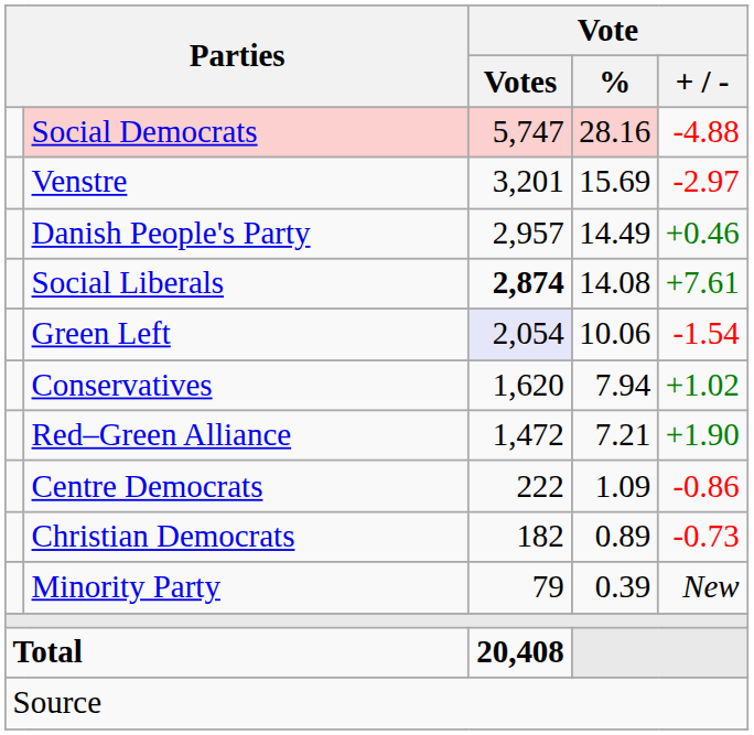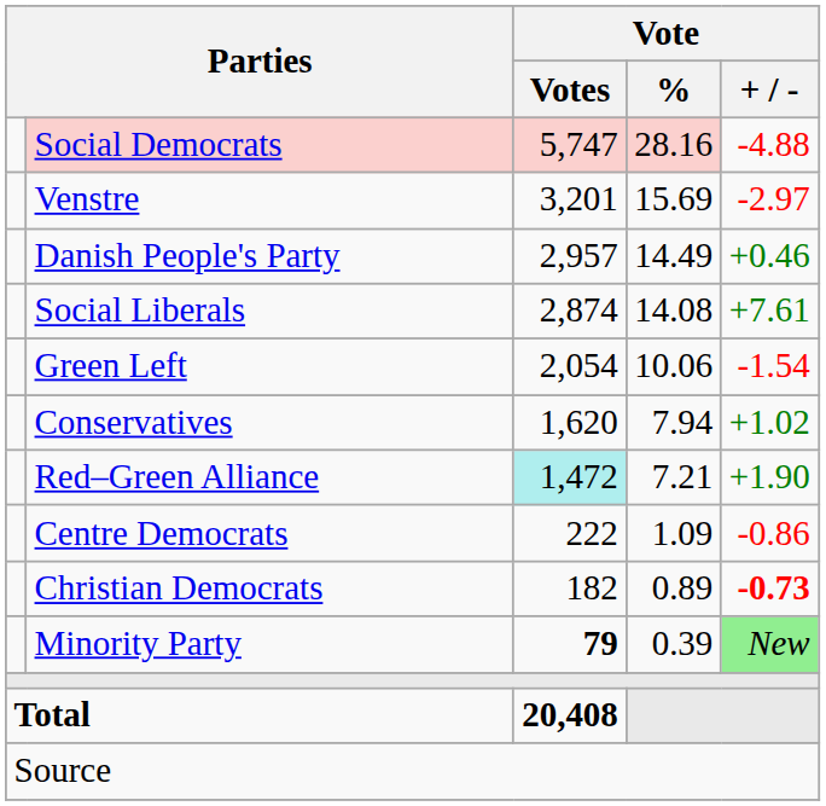 <table class="wikitable" style="text-align:right;">
 <tr>
 <th style="text-align:centre;" rowspan="2" colspan="2" width="225">Parties</th>
 <th colspan="3">Vote</th>
 </tr>
 <tr>
 <th width="15">Votes</th>
 <th width="15">%</th>
 <th width="15">+ / -</th>
 </tr>
 <tr>
 <td width="2" style="color:inherit;background:"></td>
 <td bgcolor=#fbd0ce  align="left"><a href='#'>Social Democrats</a></td>
 <td bgcolor=#fbd0ce>5,747</td>
 <td bgcolor=#fbd0ce>28.16</td>
 <td style=color:red;>-4.88</td>
 </tr>
 <tr>
 <td width="2" style="color:inherit;background:"></td>
 <td align="left"><a href='#'>Venstre</a></td>
 <td>3,201</td>
 <td>15.69</td>
 <td style=color:red;>-2.97</td>
 </tr>
 <tr>
 <td width="2" style="color:inherit;background:"></td>
 <td align="left"><a href='#'>Danish People's Party</a></td>
 <td>2,957</td>
 <td>14.49</td>
 <td style=color:green;>+0.46</td>
 </tr>
 <tr>
 <td width="2" style="color:inherit;background:"></td>
 <td align="left"><a href='#'>Social Liberals</a></td>
-<td><strong>2,874</strong></td>
+<td>2,874</td>
 <td>14.08</td>
 <td style=color:green;>+7.61</td>
 </tr>
 <tr>
 <td width="2" style="color:inherit;background:"></td>
 <td align="left"><a href='#'>Green Left</a></td>
-<td style="background: lavender;">2,054</td>
+<td>2,054</td>
 <td>10.06</td>
 <td style=color:red;>-1.54</td>
 </tr>
 <tr>
 <td width="2" style="color:inherit;background:"></td>
 <td align="left"><a href='#'>Conservatives</a></td>
 <td>1,620</td>
 <td>7.94</td>
 <td style=color:green;>+1.02</td>
 </tr>
 <tr>
 <td width="2" style="color:inherit;background:"></td>
 <td align="left"><a href='#'>Red–Green Alliance</a></td>
-<td>1,472</td>
+<td style="background: paleturquoise;">1,472</td>
 <td>7.21</td>
 <td style=color:green;>+1.90</td>
 </tr>
 <tr>
 <td width="2" style="color:inherit;background:"></td>
 <td align="left"><a href='#'>Centre Democrats</a></td>
 <td>222</td>
 <td>1.09</td>
 <td style=color:red;>-0.86</td>
 </tr>
 <tr>
 <td width="2" style="color:inherit;background:"></td>
 <td align="left"><a href='#'>Christian Democrats</a></td>
 <td>182</td>
 <td>0.89</td>
-<td style=color:red;>-0.73</td>
+<td style=color:red;><strong>-0.73</strong></td>
 </tr>
 <tr>
 <td width="2" style="color:inherit;background:"></td>
 <td align="left"><a href='#'>Minority Party</a></td>
-<td>79</td>
+<td><strong>79</strong></td>
 <td>0.39</td>
-<td><em>New</em></td>
+<td style="background: lightgreen;"><em>New</em></td>
 </tr>
 <tr>
 <td colspan="7" bgcolor="#E9E9E9"></td>
 </tr>
 <tr>
 <td align="left" colspan="2"><strong>Total</strong></td>
 <td><strong>20,408</strong></td>
 <td bgcolor="#E9E9E9" colspan="2"></td>
 </tr>
 <tr>
 <td align="left" colspan="6">Source</td>
 </tr>
 </table>
